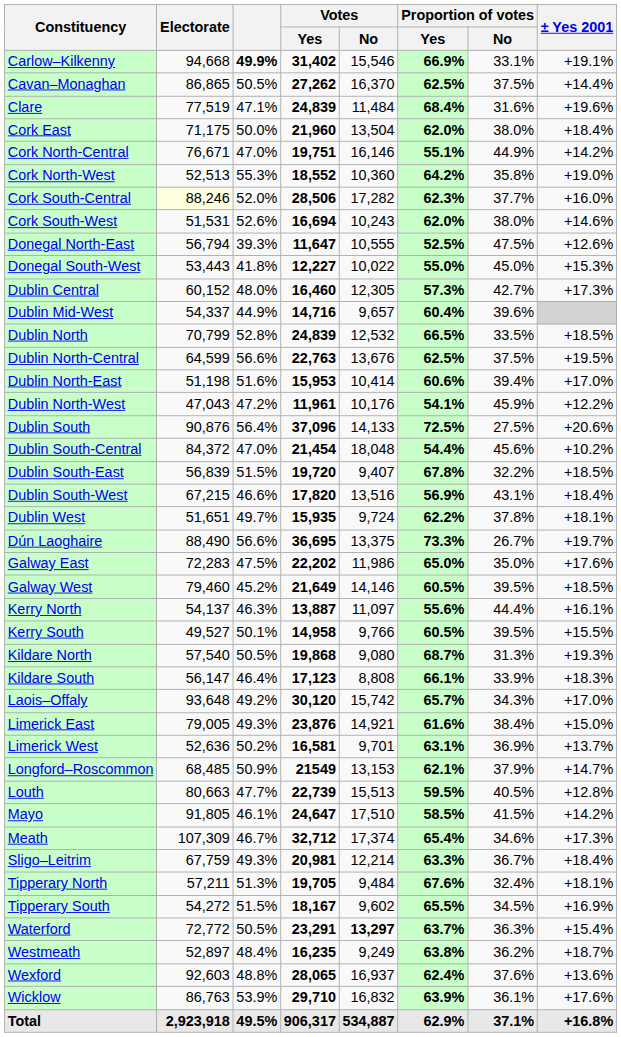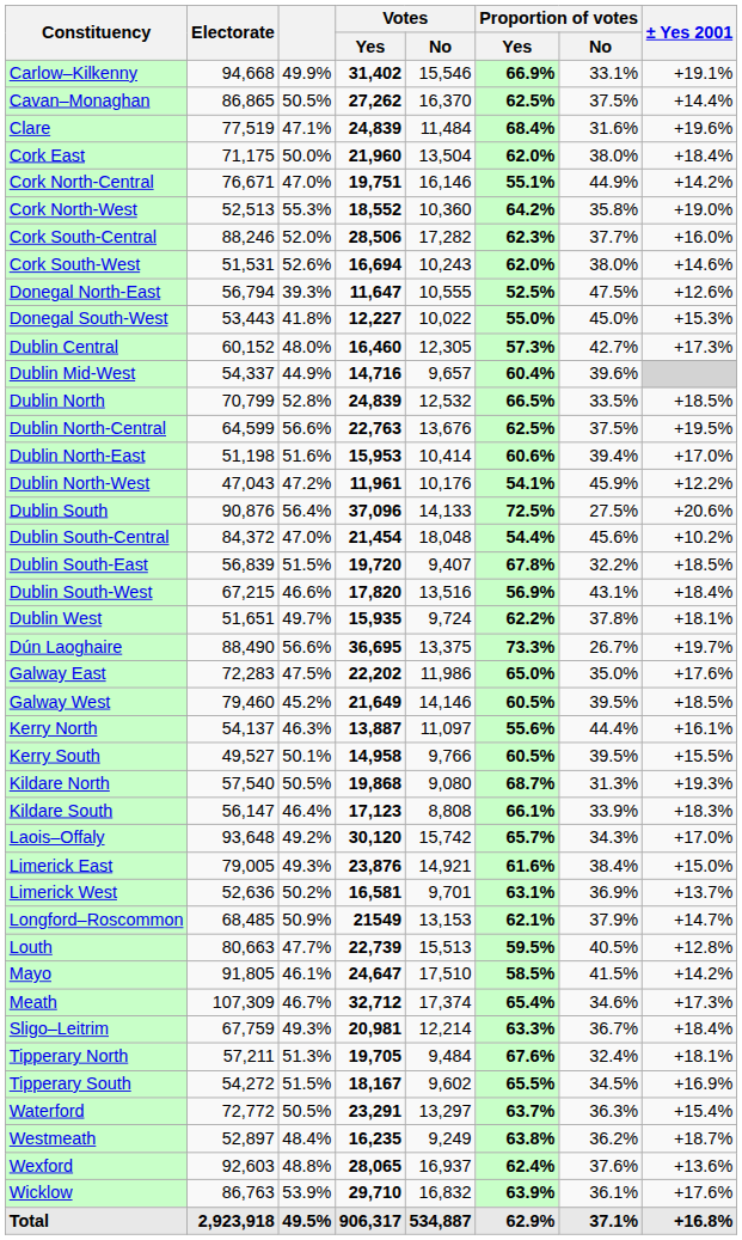 <table class="wikitable sortable">
 <tr>
 <th rowspan=2>Constituency</th>
 <th rowspan=2>Electorate</th>
 <th rowspan=2></th>
 <th colspan=2>Votes</th>
 <th colspan=2>Proportion of votes</th>
 <th rowspan=2><a href='#'>± Yes 2001</a></th>
 </tr>
 <tr>
 <th>Yes</th>
 <th>No</th>
 <th>Yes</th>
 <th>No</th>
 </tr>
 <tr>
 <td style="background:#c8ffc8;"><a href='#'>Carlow–Kilkenny</a></td>
 <td style="text-align: right;">94,668</td>
-<td style="text-align: right;"><strong>49.9%</strong></td>
+<td style="text-align: right;">49.9%</td>
 <td style="text-align: right;"><strong>31,402</strong></td>
 <td style="text-align: right;">15,546</td>
 <td style="text-align: right; background:#c8ffc8;"><strong>66.9%</strong></td>
 <td style="text-align: right;">33.1%</td>
 <td style="text-align: right;">+19.1%</td>
 </tr>
 <tr>
 <td style="background:#c8ffc8;"><a href='#'>Cavan–Monaghan</a></td>
 <td style="text-align: right;">86,865</td>
 <td style="text-align: right;">50.5%</td>
 <td style="text-align: right;"><strong>27,262</strong></td>
 <td style="text-align: right;">16,370</td>
 <td style="text-align: right; background:#c8ffc8;"><strong>62.5%</strong></td>
 <td style="text-align: right;">37.5%</td>
 <td style="text-align: right;">+14.4%</td>
 </tr>
 <tr>
 <td style="background:#c8ffc8;"><a href='#'>Clare</a></td>
 <td style="text-align: right;">77,519</td>
 <td style="text-align: right;">47.1%</td>
 <td style="text-align: right;"><strong>24,839</strong></td>
 <td style="text-align: right;">11,484</td>
 <td style="text-align: right; background:#c8ffc8;"><strong>68.4%</strong></td>
 <td style="text-align: right;">31.6%</td>
 <td style="text-align: right;">+19.6%</td>
 </tr>
 <tr>
 <td style="background:#c8ffc8;"><a href='#'>Cork East</a></td>
 <td style="text-align: right;">71,175</td>
 <td style="text-align: right;">50.0%</td>
 <td style="text-align: right;"><strong>21,960</strong></td>
 <td style="text-align: right;">13,504</td>
 <td style="text-align: right; background:#c8ffc8;"><strong>62.0%</strong></td>
 <td style="text-align: right;">38.0%</td>
 <td style="text-align: right;">+18.4%</td>
 </tr>
 <tr>
 <td style="background:#c8ffc8;"><a href='#'>Cork North-Central</a></td>
 <td style="text-align: right;">76,671</td>
 <td style="text-align: right;">47.0%</td>
 <td style="text-align: right;"><strong>19,751</strong></td>
 <td style="text-align: right;">16,146</td>
 <td style="text-align: right; background:#c8ffc8;"><strong>55.1%</strong></td>
 <td style="text-align: right;">44.9%</td>
 <td style="text-align: right;">+14.2%</td>
 </tr>
 <tr>
 <td style="background:#c8ffc8;"><a href='#'>Cork North-West</a></td>
 <td style="text-align: right;">52,513</td>
 <td style="text-align: right;">55.3%</td>
 <td style="text-align: right;"><strong>18,552</strong></td>
 <td style="text-align: right;">10,360</td>
 <td style="text-align: right; background:#c8ffc8;"><strong>64.2%</strong></td>
 <td style="text-align: right;">35.8%</td>
 <td style="text-align: right;">+19.0%</td>
 </tr>
 <tr>
 <td style="background:#c8ffc8;"><a href='#'>Cork South-Central</a></td>
-<td style="background: lightyellow; text-align: right;">88,246</td>
+<td style="text-align: right;">88,246</td>
 <td style="text-align: right;">52.0%</td>
 <td style="text-align: right;"><strong>28,506</strong></td>
 <td style="text-align: right;">17,282</td>
 <td style="text-align: right; background:#c8ffc8;"><strong>62.3%</strong></td>
 <td style="text-align: right;">37.7%</td>
 <td style="text-align: right;">+16.0%</td>
 </tr>
 <tr>
 <td style="background:#c8ffc8;"><a href='#'>Cork South-West</a></td>
 <td style="text-align: right;">51,531</td>
 <td style="text-align: right;">52.6%</td>
 <td style="text-align: right;"><strong>16,694</strong></td>
 <td style="text-align: right;">10,243</td>
 <td style="text-align: right; background:#c8ffc8;"><strong>62.0%</strong></td>
 <td style="text-align: right;">38.0%</td>
 <td style="text-align: right;">+14.6%</td>
 </tr>
 <tr>
 <td style="background:#c8ffc8;"><a href='#'>Donegal North-East</a></td>
 <td style="text-align: right;">56,794</td>
 <td style="text-align: right;">39.3%</td>
 <td style="text-align: right;"><strong>11,647</strong></td>
 <td style="text-align: right;">10,555</td>
 <td style="text-align: right; background:#c8ffc8;"><strong>52.5%</strong></td>
 <td style="text-align: right;">47.5%</td>
 <td style="text-align: right;">+12.6%</td>
 </tr>
 <tr>
 <td style="background:#c8ffc8;"><a href='#'>Donegal South-West</a></td>
 <td style="text-align: right;">53,443</td>
 <td style="text-align: right;">41.8%</td>
 <td style="text-align: right;"><strong>12,227</strong></td>
 <td style="text-align: right;">10,022</td>
 <td style="text-align: right; background:#c8ffc8;"><strong>55.0%</strong></td>
 <td style="text-align: right;">45.0%</td>
 <td style="text-align: right;">+15.3%</td>
 </tr>
 <tr>
 <td style="background:#c8ffc8;"><a href='#'>Dublin Central</a></td>
 <td style="text-align: right;">60,152</td>
 <td style="text-align: right;">48.0%</td>
 <td style="text-align: right;"><strong>16,460</strong></td>
 <td style="text-align: right;">12,305</td>
 <td style="text-align: right; background:#c8ffc8;"><strong>57.3%</strong></td>
 <td style="text-align: right;">42.7%</td>
 <td style="text-align: right;">+17.3%</td>
 </tr>
 <tr>
 <td style="background:#c8ffc8;"><a href='#'>Dublin Mid-West</a></td>
 <td style="text-align: right;">54,337</td>
 <td style="text-align: right;">44.9%</td>
 <td style="text-align: right;"><strong>14,716</strong></td>
 <td style="text-align: right;">9,657</td>
 <td style="text-align: right; background:#c8ffc8;"><strong>60.4%</strong></td>
 <td style="text-align: right;">39.6%</td>
 <td style="background:#d3d3d3;"></td>
 </tr>
 <tr>
 <td style="background:#c8ffc8;"><a href='#'>Dublin North</a></td>
 <td style="text-align: right;">70,799</td>
 <td style="text-align: right;">52.8%</td>
 <td style="text-align: right;"><strong>24,839</strong></td>
 <td style="text-align: right;">12,532</td>
 <td style="text-align: right; background:#c8ffc8;"><strong>66.5%</strong></td>
 <td style="text-align: right;">33.5%</td>
 <td style="text-align: right;">+18.5%</td>
 </tr>
 <tr>
 <td style="background:#c8ffc8;"><a href='#'>Dublin North-Central</a></td>
 <td style="text-align: right;">64,599</td>
 <td style="text-align: right;">56.6%</td>
 <td style="text-align: right;"><strong>22,763</strong></td>
 <td style="text-align: right;">13,676</td>
 <td style="text-align: right; background:#c8ffc8;"><strong>62.5%</strong></td>
 <td style="text-align: right;">37.5%</td>
 <td style="text-align: right;">+19.5%</td>
 </tr>
 <tr>
 <td style="background:#c8ffc8;"><a href='#'>Dublin North-East</a></td>
 <td style="text-align: right;">51,198</td>
 <td style="text-align: right;">51.6%</td>
 <td style="text-align: right;"><strong>15,953</strong></td>
 <td style="text-align: right;">10,414</td>
 <td style="text-align: right; background:#c8ffc8;"><strong>60.6%</strong></td>
 <td style="text-align: right;">39.4%</td>
 <td style="text-align: right;">+17.0%</td>
 </tr>
 <tr>
 <td style="background:#c8ffc8;"><a href='#'>Dublin North-West</a></td>
 <td style="text-align: right;">47,043</td>
 <td style="text-align: right;">47.2%</td>
 <td style="text-align: right;"><strong>11,961</strong></td>
 <td style="text-align: right;">10,176</td>
 <td style="text-align: right; background:#c8ffc8;"><strong>54.1%</strong></td>
 <td style="text-align: right;">45.9%</td>
 <td style="text-align: right;">+12.2%</td>
 </tr>
 <tr>
 <td style="background:#c8ffc8;"><a href='#'>Dublin South</a></td>
 <td style="text-align: right;">90,876</td>
 <td style="text-align: right;">56.4%</td>
 <td style="text-align: right;"><strong>37,096</strong></td>
 <td style="text-align: right;">14,133</td>
 <td style="text-align: right; background:#c8ffc8;"><strong>72.5%</strong></td>
 <td style="text-align: right;">27.5%</td>
 <td style="text-align: right;">+20.6%</td>
 </tr>
 <tr>
 <td style="background:#c8ffc8;"><a href='#'>Dublin South-Central</a></td>
 <td style="text-align: right;">84,372</td>
 <td style="text-align: right;">47.0%</td>
 <td style="text-align: right;"><strong>21,454</strong></td>
 <td style="text-align: right;">18,048</td>
 <td style="text-align: right; background:#c8ffc8;"><strong>54.4%</strong></td>
 <td style="text-align: right;">45.6%</td>
 <td style="text-align: right;">+10.2%</td>
 </tr>
 <tr>
 <td style="background:#c8ffc8;"><a href='#'>Dublin South-East</a></td>
 <td style="text-align: right;">56,839</td>
 <td style="text-align: right;">51.5%</td>
 <td style="text-align: right;"><strong>19,720</strong></td>
 <td style="text-align: right;">9,407</td>
 <td style="text-align: right; background:#c8ffc8;"><strong>67.8%</strong></td>
 <td style="text-align: right;">32.2%</td>
 <td style="text-align: right;">+18.5%</td>
 </tr>
 <tr>
 <td style="background:#c8ffc8;"><a href='#'>Dublin South-West</a></td>
 <td style="text-align: right;">67,215</td>
 <td style="text-align: right;">46.6%</td>
 <td style="text-align: right;"><strong>17,820</strong></td>
 <td style="text-align: right;">13,516</td>
 <td style="text-align: right; background:#c8ffc8;"><strong>56.9%</strong></td>
 <td style="text-align: right;">43.1%</td>
 <td style="text-align: right;">+18.4%</td>
 </tr>
 <tr>
 <td style="background:#c8ffc8;"><a href='#'>Dublin West</a></td>
 <td style="text-align: right;">51,651</td>
 <td style="text-align: right;">49.7%</td>
 <td style="text-align: right;"><strong>15,935</strong></td>
 <td style="text-align: right;">9,724</td>
 <td style="text-align: right; background:#c8ffc8;"><strong>62.2%</strong></td>
 <td style="text-align: right;">37.8%</td>
 <td style="text-align: right;">+18.1%</td>
 </tr>
 <tr>
 <td style="background:#c8ffc8;"><a href='#'>Dún Laoghaire</a></td>
 <td style="text-align: right;">88,490</td>
 <td style="text-align: right;">56.6%</td>
 <td style="text-align: right;"><strong>36,695</strong></td>
 <td style="text-align: right;">13,375</td>
 <td style="text-align: right; background:#c8ffc8;"><strong>73.3%</strong></td>
 <td style="text-align: right;">26.7%</td>
 <td style="text-align: right;">+19.7%</td>
 </tr>
 <tr>
 <td style="background:#c8ffc8;"><a href='#'>Galway East</a></td>
 <td style="text-align: right;">72,283</td>
 <td style="text-align: right;">47.5%</td>
 <td style="text-align: right;"><strong>22,202</strong></td>
 <td style="text-align: right;">11,986</td>
 <td style="text-align: right; background:#c8ffc8;"><strong>65.0%</strong></td>
 <td style="text-align: right;">35.0%</td>
 <td style="text-align: right;">+17.6%</td>
 </tr>
 <tr>
 <td style="background:#c8ffc8;"><a href='#'>Galway West</a></td>
 <td style="text-align: right;">79,460</td>
 <td style="text-align: right;">45.2%</td>
 <td style="text-align: right;"><strong>21,649</strong></td>
 <td style="text-align: right;">14,146</td>
 <td style="text-align: right; background:#c8ffc8;"><strong>60.5%</strong></td>
 <td style="text-align: right;">39.5%</td>
 <td style="text-align: right;">+18.5%</td>
 </tr>
 <tr>
 <td style="background:#c8ffc8;"><a href='#'>Kerry North</a></td>
 <td style="text-align: right;">54,137</td>
 <td style="text-align: right;">46.3%</td>
 <td style="text-align: right;"><strong>13,887</strong></td>
 <td style="text-align: right;">11,097</td>
 <td style="text-align: right; background:#c8ffc8;"><strong>55.6%</strong></td>
 <td style="text-align: right;">44.4%</td>
 <td style="text-align: right;">+16.1%</td>
 </tr>
 <tr>
 <td style="background:#c8ffc8;"><a href='#'>Kerry South</a></td>
 <td style="text-align: right;">49,527</td>
 <td style="text-align: right;">50.1%</td>
 <td style="text-align: right;"><strong>14,958</strong></td>
 <td style="text-align: right;">9,766</td>
 <td style="text-align: right; background:#c8ffc8;"><strong>60.5%</strong></td>
 <td style="text-align: right;">39.5%</td>
 <td style="text-align: right;">+15.5%</td>
 </tr>
 <tr>
 <td style="background:#c8ffc8;"><a href='#'>Kildare North</a></td>
 <td style="text-align: right;">57,540</td>
 <td style="text-align: right;">50.5%</td>
 <td style="text-align: right;"><strong>19,868</strong></td>
 <td style="text-align: right;">9,080</td>
 <td style="text-align: right; background:#c8ffc8;"><strong>68.7%</strong></td>
 <td style="text-align: right;">31.3%</td>
 <td style="text-align: right;">+19.3%</td>
 </tr>
 <tr>
 <td style="background:#c8ffc8;"><a href='#'>Kildare South</a></td>
 <td style="text-align: right;">56,147</td>
 <td style="text-align: right;">46.4%</td>
 <td style="text-align: right;"><strong>17,123</strong></td>
 <td style="text-align: right;">8,808</td>
 <td style="text-align: right; background:#c8ffc8;"><strong>66.1%</strong></td>
 <td style="text-align: right;">33.9%</td>
 <td style="text-align: right;">+18.3%</td>
 </tr>
 <tr>
 <td style="background:#c8ffc8;"><a href='#'>Laois–Offaly</a></td>
 <td style="text-align: right;">93,648</td>
 <td style="text-align: right;">49.2%</td>
 <td style="text-align: right;"><strong>30,120</strong></td>
 <td style="text-align: right;">15,742</td>
 <td style="text-align: right; background:#c8ffc8;"><strong>65.7%</strong></td>
 <td style="text-align: right;">34.3%</td>
 <td style="text-align: right;">+17.0%</td>
 </tr>
 <tr>
 <td style="background:#c8ffc8;"><a href='#'>Limerick East</a></td>
 <td style="text-align: right;">79,005</td>
 <td style="text-align: right;">49.3%</td>
 <td style="text-align: right;"><strong>23,876</strong></td>
 <td style="text-align: right;">14,921</td>
 <td style="text-align: right; background:#c8ffc8;"><strong>61.6%</strong></td>
 <td style="text-align: right;">38.4%</td>
 <td style="text-align: right;">+15.0%</td>
 </tr>
 <tr>
 <td style="background:#c8ffc8;"><a href='#'>Limerick West</a></td>
 <td style="text-align: right;">52,636</td>
 <td style="text-align: right;">50.2%</td>
 <td style="text-align: right;"><strong>16,581</strong></td>
 <td style="text-align: right;">9,701</td>
 <td style="text-align: right; background:#c8ffc8;"><strong>63.1%</strong></td>
 <td style="text-align: right;">36.9%</td>
 <td style="text-align: right;">+13.7%</td>
 </tr>
 <tr>
 <td style="background:#c8ffc8;"><a href='#'>Longford–Roscommon</a></td>
 <td style="text-align: right;">68,485</td>
 <td style="text-align: right;">50.9%</td>
 <td style="text-align: right;"><strong>21549</strong></td>
 <td style="text-align: right;">13,153</td>
 <td style="text-align: right; background:#c8ffc8;"><strong>62.1%</strong></td>
 <td style="text-align: right;">37.9%</td>
 <td style="text-align: right;">+14.7%</td>
 </tr>
 <tr>
 <td style="background:#c8ffc8;"><a href='#'>Louth</a></td>
 <td style="text-align: right;">80,663</td>
 <td style="text-align: right;">47.7%</td>
 <td style="text-align: right;"><strong>22,739</strong></td>
 <td style="text-align: right;">15,513</td>
 <td style="text-align: right; background:#c8ffc8;"><strong>59.5%</strong></td>
 <td style="text-align: right;">40.5%</td>
 <td style="text-align: right;">+12.8%</td>
 </tr>
 <tr>
 <td style="background:#c8ffc8;"><a href='#'>Mayo</a></td>
 <td style="text-align: right;">91,805</td>
 <td style="text-align: right;">46.1%</td>
 <td style="text-align: right;"><strong>24,647</strong></td>
 <td style="text-align: right;">17,510</td>
 <td style="text-align: right; background:#c8ffc8;"><strong>58.5%</strong></td>
 <td style="text-align: right;">41.5%</td>
 <td style="text-align: right;">+14.2%</td>
 </tr>
 <tr>
 <td style="background:#c8ffc8;"><a href='#'>Meath</a></td>
 <td style="text-align: right;">107,309</td>
 <td style="text-align: right;">46.7%</td>
 <td style="text-align: right;"><strong>32,712</strong></td>
 <td style="text-align: right;">17,374</td>
 <td style="text-align: right; background:#c8ffc8;"><strong>65.4%</strong></td>
 <td style="text-align: right;">34.6%</td>
 <td style="text-align: right;">+17.3%</td>
 </tr>
 <tr>
 <td style="background:#c8ffc8;"><a href='#'>Sligo–Leitrim</a></td>
 <td style="text-align: right;">67,759</td>
 <td style="text-align: right;">49.3%</td>
 <td style="text-align: right;"><strong>20,981</strong></td>
 <td style="text-align: right;">12,214</td>
 <td style="text-align: right; background:#c8ffc8;"><strong>63.3%</strong></td>
 <td style="text-align: right;">36.7%</td>
 <td style="text-align: right;">+18.4%</td>
 </tr>
 <tr>
 <td style="background:#c8ffc8;"><a href='#'>Tipperary North</a></td>
 <td style="text-align: right;">57,211</td>
 <td style="text-align: right;">51.3%</td>
 <td style="text-align: right;"><strong>19,705</strong></td>
 <td style="text-align: right;">9,484</td>
 <td style="text-align: right; background:#c8ffc8;"><strong>67.6%</strong></td>
 <td style="text-align: right;">32.4%</td>
 <td style="text-align: right;">+18.1%</td>
 </tr>
 <tr>
 <td style="background:#c8ffc8;"><a href='#'>Tipperary South</a></td>
 <td style="text-align: right;">54,272</td>
 <td style="text-align: right;">51.5%</td>
 <td style="text-align: right;"><strong>18,167</strong></td>
 <td style="text-align: right;">9,602</td>
 <td style="text-align: right; background:#c8ffc8;"><strong>65.5%</strong></td>
 <td style="text-align: right;">34.5%</td>
 <td style="text-align: right;">+16.9%</td>
 </tr>
 <tr>
 <td style="background:#c8ffc8;"><a href='#'>Waterford</a></td>
 <td style="text-align: right;">72,772</td>
 <td style="text-align: right;">50.5%</td>
 <td style="text-align: right;"><strong>23,291</strong></td>
-<td style="text-align: right;"><strong>13,297</strong></td>
+<td style="text-align: right;">13,297</td>
 <td style="text-align: right; background:#c8ffc8;"><strong>63.7%</strong></td>
 <td style="text-align: right;">36.3%</td>
 <td style="text-align: right;">+15.4%</td>
 </tr>
 <tr>
 <td style="background:#c8ffc8;"><a href='#'>Westmeath</a></td>
 <td style="text-align: right;">52,897</td>
 <td style="text-align: right;">48.4%</td>
 <td style="text-align: right;"><strong>16,235</strong></td>
 <td style="text-align: right;">9,249</td>
 <td style="text-align: right; background:#c8ffc8;"><strong>63.8%</strong></td>
 <td style="text-align: right;">36.2%</td>
 <td style="text-align: right;">+18.7%</td>
 </tr>
 <tr>
 <td style="background:#c8ffc8;"><a href='#'>Wexford</a></td>
 <td style="text-align: right;">92,603</td>
 <td style="text-align: right;">48.8%</td>
 <td style="text-align: right;"><strong>28,065</strong></td>
 <td style="text-align: right;">16,937</td>
 <td style="text-align: right; background:#c8ffc8;"><strong>62.4%</strong></td>
 <td style="text-align: right;">37.6%</td>
 <td style="text-align: right;">+13.6%</td>
 </tr>
 <tr>
 <td style="background:#c8ffc8;"><a href='#'>Wicklow</a></td>
 <td style="text-align: right;">86,763</td>
 <td style="text-align: right;">53.9%</td>
 <td style="text-align: right;"><strong>29,710</strong></td>
 <td style="text-align: right;">16,832</td>
 <td style="text-align: right; background:#c8ffc8;"><strong>63.9%</strong></td>
 <td style="text-align: right;">36.1%</td>
 <td style="text-align: right;">+17.6%</td>
 </tr>
 <tr class="sortbottom" style="font-weight:bold; background:rgb(232,232,232);">
 <td>Total</td>
 <td style="text-align: right;">2,923,918</td>
 <td style="text-align: right;">49.5%</td>
 <td style="text-align: right;">906,317</td>
 <td style="text-align: right;">534,887</td>
 <td style="text-align: right;">62.9%</td>
 <td style="text-align: right;">37.1%</td>
 <td style="text-align: right;">+16.8%</td>
 </tr>
 </table>
